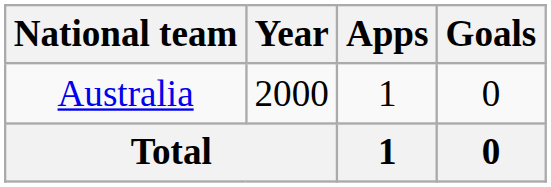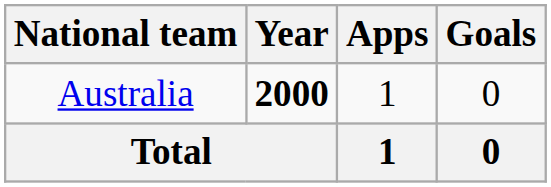 <table class=wikitable style="text-align: center">
 <tr>
 <th>National team</th>
 <th>Year</th>
 <th>Apps</th>
 <th>Goals</th>
 </tr>
 <tr>
 <td><a href='#'>Australia</a></td>
-<td>2000</td>
+<td><strong>2000</strong></td>
 <td>1</td>
 <td>0</td>
 </tr>
 <tr>
 <th colspan=2>Total</th>
 <th>1</th>
 <th>0</th>
 </tr>
 </table>
